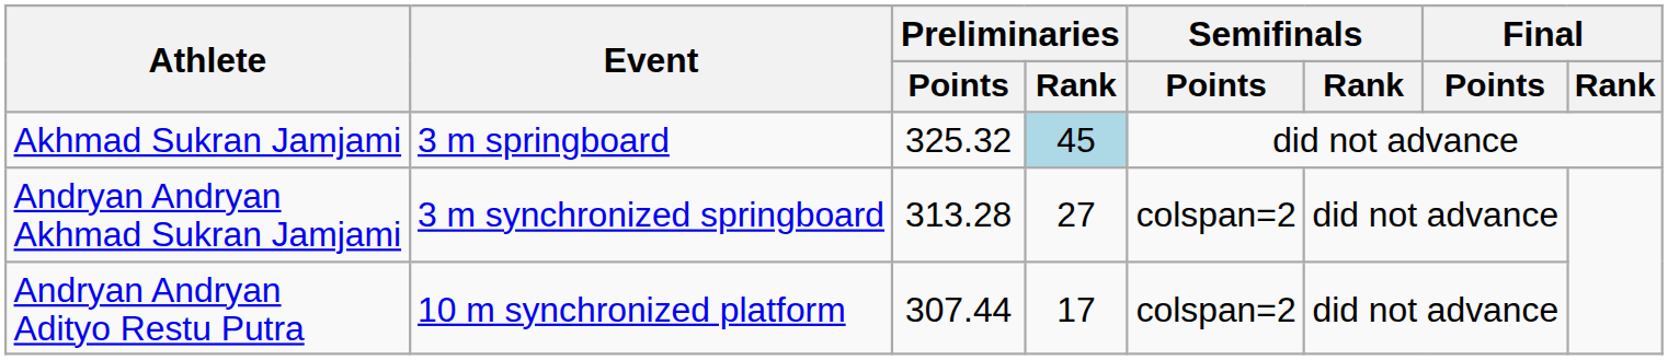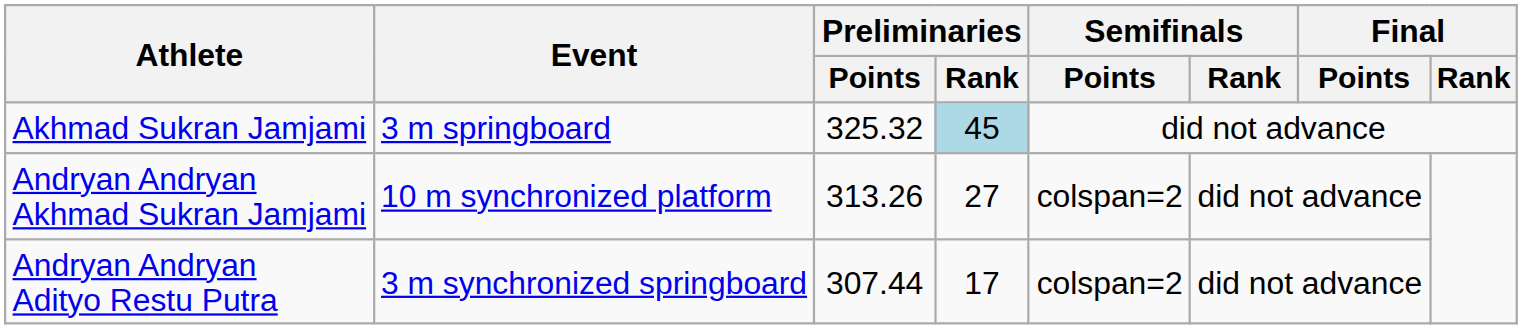 <table class=wikitable style="font-size:90%;">
 <tr>
 <th rowspan="2">Athlete</th>
 <th rowspan="2">Event</th>
 <th colspan="2">Preliminaries</th>
 <th colspan="2">Semifinals</th>
 <th colspan="2">Final</th>
 </tr>
 <tr style="font-size:95%">
 <th>Points</th>
 <th>Rank</th>
 <th>Points</th>
 <th>Rank</th>
 <th>Points</th>
 <th>Rank</th>
 </tr>
 <tr align=center>
 <td align=left><a href='#'>Akhmad Sukran Jamjami</a></td>
 <td align=left><a href='#'>3 m springboard</a></td>
 <td>325.32</td>
 <td style="background: lightblue;">45</td>
 <td colspan=4>did not advance</td>
 </tr>
 <tr align=center>
 <td align=left><a href='#'>Andryan Andryan</a><br><a href='#'>Akhmad Sukran Jamjami</a></td>
-<td align=left><a href='#'>3 m synchronized springboard</a></td>
-<td>313.28</td>
+<td align=left><a href='#'>10 m synchronized platform</a></td>
+<td>313.26</td>
 <td>27</td>
 <td>colspan=2 </td>
 <td colspan=2>did not advance</td>
 </tr>
 <tr align=center>
 <td align=left><a href='#'>Andryan Andryan</a><br><a href='#'>Adityo Restu Putra</a></td>
-<td align=left><a href='#'>10 m synchronized platform</a></td>
+<td align=left><a href='#'>3 m synchronized springboard</a></td>
 <td>307.44</td>
 <td>17</td>
 <td>colspan=2 </td>
 <td colspan=2>did not advance</td>
 </tr>
 </table>
